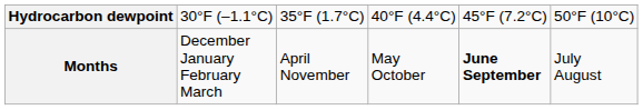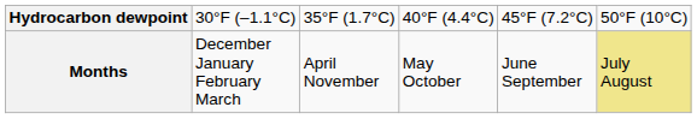 <table class="wikitable">
 <tr>
 <th>Hydrocarbon dewpoint</th>
 <td>30°F (–1.1°C)</td>
 <td>35°F (1.7°C)</td>
 <td>40°F (4.4°C)</td>
 <td>45°F (7.2°C)</td>
 <td>50°F (10°C)</td>
 </tr>
 <tr>
 <th>Months</th>
 <td>December<br>January<br>February<br>March</td>
 <td>April<br>November</td>
 <td>May<br>October</td>
-<td><strong>June<br>September</strong></td>
-<td>July<br>August</td>
+<td>June<br>September</td>
+<td style="background: khaki;">July<br>August</td>
 </tr>
 </table>
